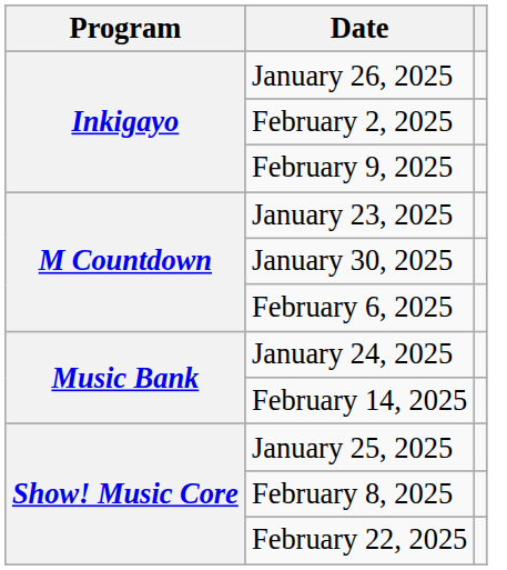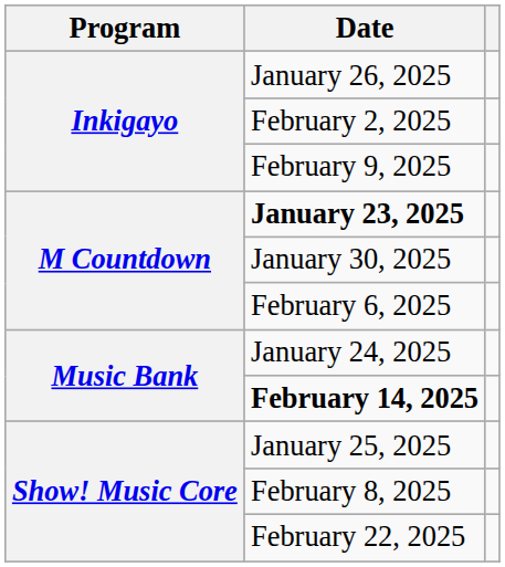 <table class="wikitable plainrowheaders sortable">
 <tr>
 <th scope="col">Program</th>
 <th scope="col">Date</th>
 <th scope="col" class="unsortable"></th>
 </tr>
 <tr>
 <th scope="row" rowspan="3"><em><a href='#'>Inkigayo</a></em></th>
 <td>January 26, 2025</td>
 <td style="text-align:center"></td>
 </tr>
 <tr>
 <td>February 2, 2025</td>
 <td style="text-align:center"></td>
 </tr>
 <tr>
 <td>February 9, 2025</td>
 <td style="text-align:center"></td>
 </tr>
 <tr>
 <th scope="row" rowspan="3"><em><a href='#'>M Countdown</a></em></th>
-<td>January 23, 2025</td>
+<td><strong>January 23, 2025</strong></td>
 <td style="text-align:center"></td>
 </tr>
 <tr>
 <td>January 30, 2025</td>
 <td style="text-align:center"></td>
 </tr>
 <tr>
 <td>February 6, 2025</td>
 <td style="text-align:center"></td>
 </tr>
 <tr>
 <th rowspan="2" scope="row"><em><a href='#'>Music Bank</a></em></th>
 <td>January 24, 2025</td>
 <td style="text-align:center"></td>
 </tr>
 <tr>
-<td>February 14, 2025</td>
+<td><strong>February 14, 2025</strong></td>
 <td style="text-align:center"></td>
 </tr>
 <tr>
 <th scope="row" rowspan="3"><em><a href='#'>Show! Music Core</a></em></th>
 <td>January 25, 2025</td>
 <td style="text-align:center"></td>
 </tr>
 <tr>
 <td>February 8, 2025</td>
 <td style="text-align:center"></td>
 </tr>
 <tr>
 <td>February 22, 2025</td>
 <td style="text-align:center"></td>
 </tr>
 </table>
